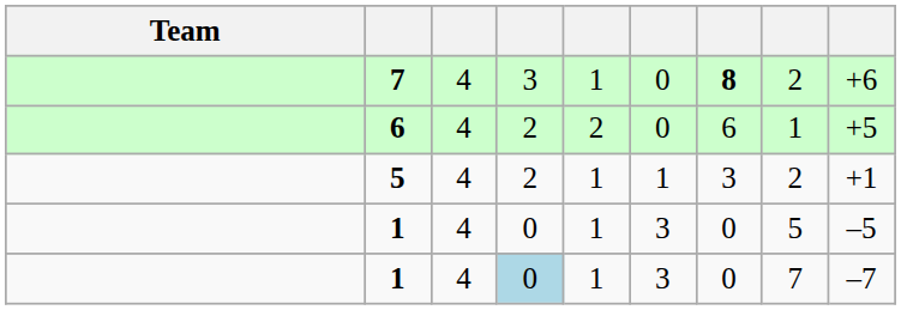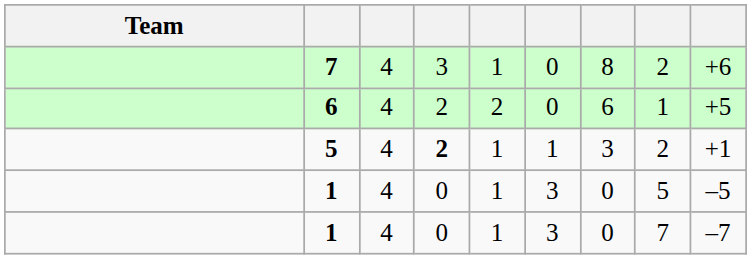 <table class="wikitable" style="text-align: center; font-size: 90%;">
 <tr>
 <th width="165">Team</th>
 <th width="25"></th>
 <th width="25"></th>
 <th width="25"></th>
 <th width="25"></th>
 <th width="25"></th>
 <th width="25"></th>
 <th width="25"></th>
 <th width="25"></th>
 </tr>
 <tr style="background:#ccffcc">
 <td style="text-align:left"></td>
 <td><strong>7</strong></td>
 <td>4</td>
 <td>3</td>
 <td>1</td>
 <td>0</td>
-<td><strong>8</strong></td>
+<td>8</td>
 <td>2</td>
 <td>+6</td>
 </tr>
 <tr style="background:#ccffcc">
 <td style="text-align:left"></td>
 <td><strong>6</strong></td>
 <td>4</td>
 <td>2</td>
 <td>2</td>
 <td>0</td>
 <td>6</td>
 <td>1</td>
 <td>+5</td>
 </tr>
 <tr>
 <td style="text-align:left"></td>
 <td><strong>5</strong></td>
 <td>4</td>
-<td>2</td>
+<td><strong>2</strong></td>
 <td>1</td>
 <td>1</td>
 <td>3</td>
 <td>2</td>
 <td>+1</td>
 </tr>
 <tr>
 <td style="text-align:left"></td>
 <td><strong>1</strong></td>
 <td>4</td>
 <td>0</td>
 <td>1</td>
 <td>3</td>
 <td>0</td>
 <td>5</td>
 <td>–5</td>
 </tr>
 <tr>
 <td style="text-align:left"></td>
 <td><strong>1</strong></td>
 <td>4</td>
-<td style="background: lightblue;">0</td>
+<td>0</td>
 <td>1</td>
 <td>3</td>
 <td>0</td>
 <td>7</td>
 <td>–7</td>
 </tr>
 </table>
